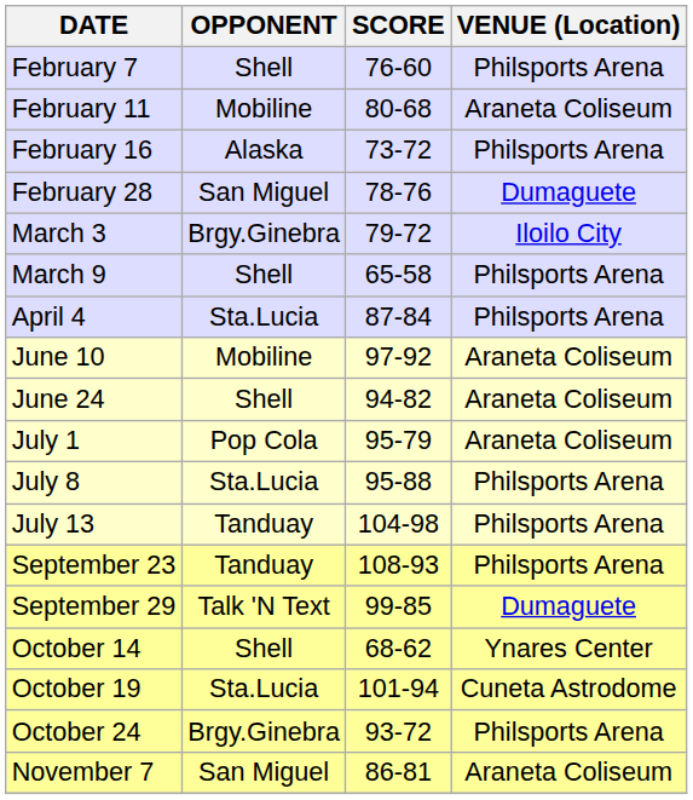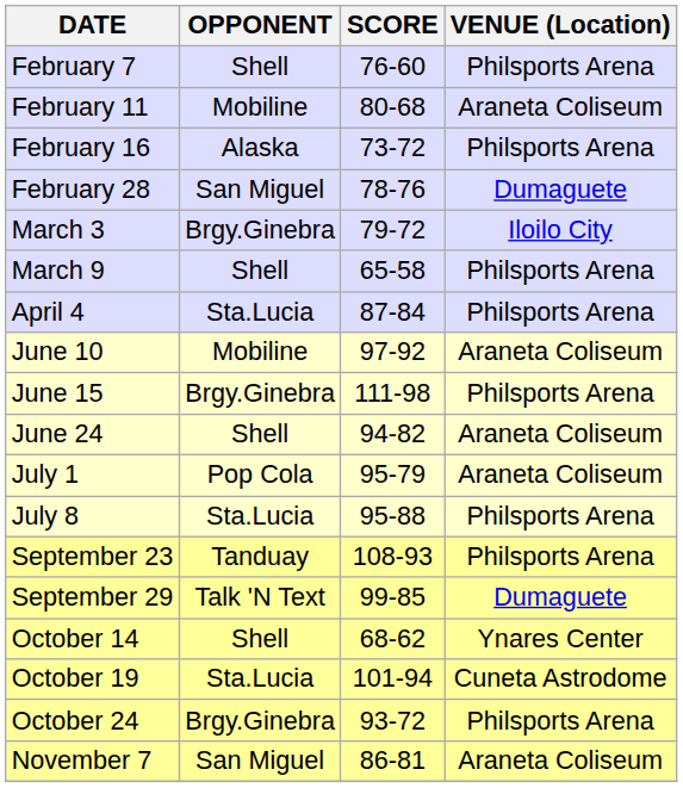 <table class="wikitable" border="1">
 <tr>
 <th><strong>DATE</strong></th>
 <th><strong>OPPONENT</strong></th>
 <th><strong>SCORE</strong></th>
 <th><strong>VENUE (Location)</strong></th>
 </tr>
 <tr bgcolor=#DDDDFF>
 <td>February 7</td>
 <td align=center>Shell</td>
 <td align=center>76-60</td>
 <td align=center>Philsports Arena</td>
 </tr>
 <tr bgcolor=#DDDDFF>
 <td>February 11</td>
 <td align=center>Mobiline</td>
 <td align=center>80-68</td>
 <td align=center>Araneta Coliseum</td>
 </tr>
 <tr bgcolor=#DDDDFF>
 <td>February 16</td>
 <td align=center>Alaska</td>
 <td align=center>73-72 </td>
 <td align=center>Philsports Arena</td>
 </tr>
 <tr bgcolor=#DDDDFF>
 <td>February 28</td>
 <td align=center>San Miguel</td>
 <td align=center>78-76</td>
 <td align=center><a href='#'>Dumaguete</a></td>
 </tr>
 <tr bgcolor=#DDDDFF>
 <td>March 3</td>
 <td align=center>Brgy.Ginebra</td>
 <td align=center>79-72</td>
 <td align=center><a href='#'>Iloilo City</a></td>
 </tr>
 <tr bgcolor=#DDDDFF>
 <td>March 9</td>
 <td align=center>Shell</td>
 <td align=center>65-58</td>
 <td align=center>Philsports Arena</td>
 </tr>
 <tr bgcolor=#DDDDFF>
 <td>April 4</td>
 <td align=center>Sta.Lucia</td>
 <td align=center>87-84</td>
 <td align=center>Philsports Arena</td>
 </tr>
 <tr bgcolor=#FFFFCC>
 <td>June 10</td>
 <td align=center>Mobiline</td>
 <td align=center>97-92 </td>
 <td align=center>Araneta Coliseum</td>
 </tr>
 <tr bgcolor=#FFFFCC>
+<td>June 15</td>
+<td align=center>Brgy.Ginebra</td>
+<td align=center>111-98</td>
+<td align=center>Philsports Arena</td>
+</tr>
+<tr bgcolor=#FFFFCC>
 <td>June 24</td>
 <td align=center>Shell</td>
 <td align=center>94-82 </td>
 <td align=center>Araneta Coliseum</td>
 </tr>
 <tr bgcolor=#FFFFCC>
 <td>July 1</td>
 <td align=center>Pop Cola</td>
 <td align=center>95-79</td>
 <td align=center>Araneta Coliseum</td>
 </tr>
 <tr bgcolor=#FFFFCC>
 <td>July 8</td>
 <td align=center>Sta.Lucia</td>
 <td align=center>95-88</td>
-<td align=center>Philsports Arena</td>
-</tr>
-<tr bgcolor=#FFFFCC>
-<td>July 13</td>
-<td align=center>Tanduay</td>
-<td align=center>104-98</td>
 <td align=center>Philsports Arena</td>
 </tr>
 <tr bgcolor=#FFFF99>
 <td>September 23</td>
 <td align=center>Tanduay</td>
 <td align=center>108-93</td>
 <td align=center>Philsports Arena</td>
 </tr>
 <tr bgcolor=#FFFF99>
 <td>September 29</td>
 <td align=center>Talk 'N Text</td>
 <td align=center>99-85</td>
 <td align=center><a href='#'>Dumaguete</a></td>
 </tr>
 <tr bgcolor=#FFFF99>
 <td>October 14</td>
 <td align=center>Shell</td>
 <td align=center>68-62</td>
 <td align=center>Ynares Center</td>
 </tr>
 <tr bgcolor=#FFFF99>
 <td>October 19</td>
 <td align=center>Sta.Lucia</td>
 <td align=center>101-94</td>
 <td align=center>Cuneta Astrodome</td>
 </tr>
 <tr bgcolor=#FFFF99>
 <td>October 24</td>
 <td align=center>Brgy.Ginebra</td>
 <td align=center>93-72</td>
 <td align=center>Philsports Arena</td>
 </tr>
 <tr bgcolor=#FFFF99>
 <td>November 7</td>
 <td align=center>San Miguel</td>
 <td align=center>86-81</td>
 <td align=center>Araneta Coliseum</td>
 </tr>
 <tr>
 </tr>
 </table>
